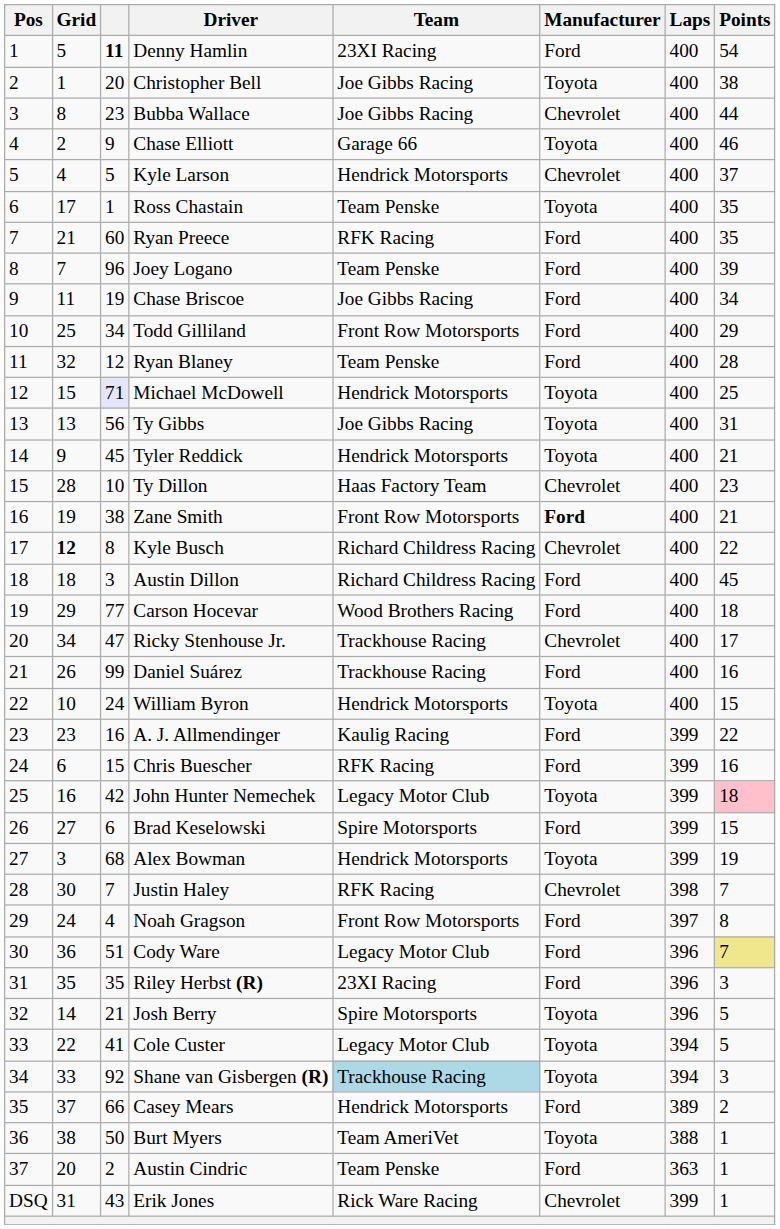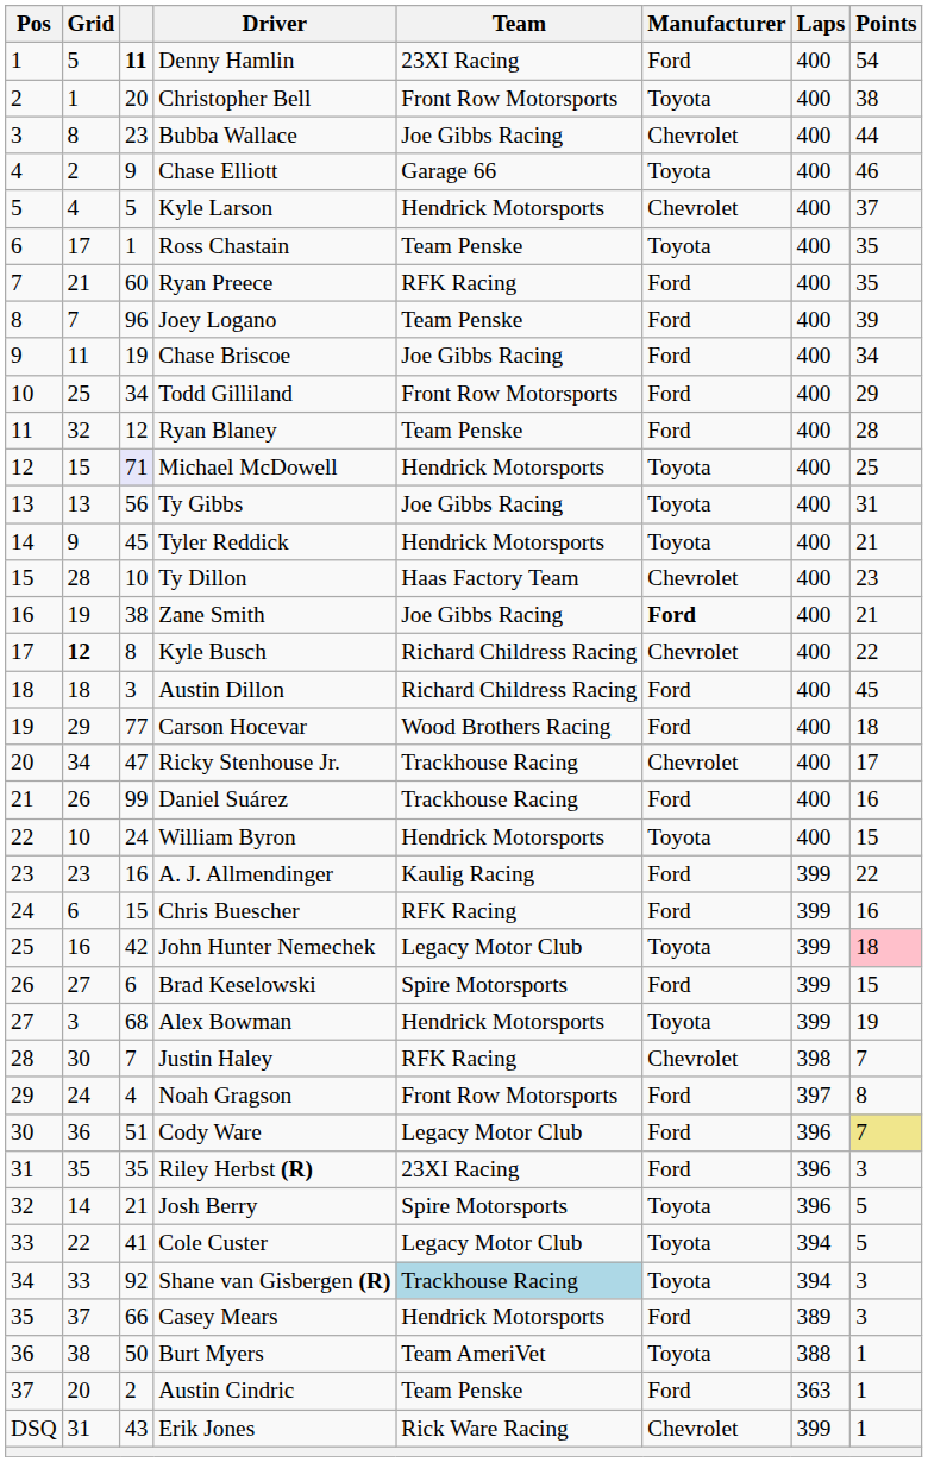 <table class="wikitable" style="font-size:98%">
 <tr>
 <th>Pos</th>
 <th>Grid</th>
 <th></th>
 <th>Driver</th>
 <th>Team</th>
 <th>Manufacturer</th>
 <th>Laps</th>
 <th>Points</th>
 </tr>
 <tr>
 <td>1</td>
 <td>5</td>
 <td><strong>11</strong></td>
 <td>Denny Hamlin</td>
 <td>23XI Racing</td>
 <td>Ford</td>
 <td>400</td>
 <td>54</td>
 </tr>
 <tr>
 <td>2</td>
 <td>1</td>
 <td>20</td>
 <td>Christopher Bell</td>
-<td>Joe Gibbs Racing</td>
+<td>Front Row Motorsports</td>
 <td>Toyota</td>
 <td>400</td>
 <td>38</td>
 </tr>
 <tr>
 <td>3</td>
 <td>8</td>
 <td>23</td>
 <td>Bubba Wallace</td>
 <td>Joe Gibbs Racing</td>
 <td>Chevrolet</td>
 <td>400</td>
 <td>44</td>
 </tr>
 <tr>
 <td>4</td>
 <td>2</td>
 <td>9</td>
 <td>Chase Elliott</td>
 <td>Garage 66</td>
 <td>Toyota</td>
 <td>400</td>
 <td>46</td>
 </tr>
 <tr>
 <td>5</td>
 <td>4</td>
 <td>5</td>
 <td>Kyle Larson</td>
 <td>Hendrick Motorsports</td>
 <td>Chevrolet</td>
 <td>400</td>
 <td>37</td>
 </tr>
 <tr>
 <td>6</td>
 <td>17</td>
 <td>1</td>
 <td>Ross Chastain</td>
 <td>Team Penske</td>
 <td>Toyota</td>
 <td>400</td>
 <td>35</td>
 </tr>
 <tr>
 <td>7</td>
 <td>21</td>
 <td>60</td>
 <td>Ryan Preece</td>
 <td>RFK Racing</td>
 <td>Ford</td>
 <td>400</td>
 <td>35</td>
 </tr>
 <tr>
 <td>8</td>
 <td>7</td>
 <td>96</td>
 <td>Joey Logano</td>
 <td>Team Penske</td>
 <td>Ford</td>
 <td>400</td>
 <td>39</td>
 </tr>
 <tr>
 <td>9</td>
 <td>11</td>
 <td>19</td>
 <td>Chase Briscoe</td>
 <td>Joe Gibbs Racing</td>
 <td>Ford</td>
 <td>400</td>
 <td>34</td>
 </tr>
 <tr>
 <td>10</td>
 <td>25</td>
 <td>34</td>
 <td>Todd Gilliland</td>
 <td>Front Row Motorsports</td>
 <td>Ford</td>
 <td>400</td>
 <td>29</td>
 </tr>
 <tr>
 <td>11</td>
 <td>32</td>
 <td>12</td>
 <td>Ryan Blaney</td>
 <td>Team Penske</td>
 <td>Ford</td>
 <td>400</td>
 <td>28</td>
 </tr>
 <tr>
 <td>12</td>
 <td>15</td>
 <td style="background: lavender;">71</td>
 <td>Michael McDowell</td>
 <td>Hendrick Motorsports</td>
 <td>Toyota</td>
 <td>400</td>
 <td>25</td>
 </tr>
 <tr>
 <td>13</td>
 <td>13</td>
 <td>56</td>
 <td>Ty Gibbs</td>
 <td>Joe Gibbs Racing</td>
 <td>Toyota</td>
 <td>400</td>
 <td>31</td>
 </tr>
 <tr>
 <td>14</td>
 <td>9</td>
 <td>45</td>
 <td>Tyler Reddick</td>
 <td>Hendrick Motorsports</td>
 <td>Toyota</td>
 <td>400</td>
 <td>21</td>
 </tr>
 <tr>
 <td>15</td>
 <td>28</td>
 <td>10</td>
 <td>Ty Dillon</td>
 <td>Haas Factory Team</td>
 <td>Chevrolet</td>
 <td>400</td>
 <td>23</td>
 </tr>
 <tr>
 <td>16</td>
 <td>19</td>
 <td>38</td>
 <td>Zane Smith</td>
-<td>Front Row Motorsports</td>
+<td>Joe Gibbs Racing</td>
 <td><strong>Ford</strong></td>
 <td>400</td>
 <td>21</td>
 </tr>
 <tr>
 <td>17</td>
 <td><strong>12</strong></td>
 <td>8</td>
 <td>Kyle Busch</td>
 <td>Richard Childress Racing</td>
 <td>Chevrolet</td>
 <td>400</td>
 <td>22</td>
 </tr>
 <tr>
 <td>18</td>
 <td>18</td>
 <td>3</td>
 <td>Austin Dillon</td>
 <td>Richard Childress Racing</td>
 <td>Ford</td>
 <td>400</td>
 <td>45</td>
 </tr>
 <tr>
 <td>19</td>
 <td>29</td>
 <td>77</td>
 <td>Carson Hocevar</td>
 <td>Wood Brothers Racing</td>
 <td>Ford</td>
 <td>400</td>
 <td>18</td>
 </tr>
 <tr>
 <td>20</td>
 <td>34</td>
 <td>47</td>
 <td>Ricky Stenhouse Jr.</td>
 <td>Trackhouse Racing</td>
 <td>Chevrolet</td>
 <td>400</td>
 <td>17</td>
 </tr>
 <tr>
 <td>21</td>
 <td>26</td>
 <td>99</td>
 <td>Daniel Suárez</td>
 <td>Trackhouse Racing</td>
 <td>Ford</td>
 <td>400</td>
 <td>16</td>
 </tr>
 <tr>
 <td>22</td>
 <td>10</td>
 <td>24</td>
 <td>William Byron</td>
 <td>Hendrick Motorsports</td>
 <td>Toyota</td>
 <td>400</td>
 <td>15</td>
 </tr>
 <tr>
 <td>23</td>
 <td>23</td>
 <td>16</td>
 <td>A. J. Allmendinger</td>
 <td>Kaulig Racing</td>
 <td>Ford</td>
 <td>399</td>
 <td>22</td>
 </tr>
 <tr>
 <td>24</td>
 <td>6</td>
 <td>15</td>
 <td>Chris Buescher</td>
 <td>RFK Racing</td>
 <td>Ford</td>
 <td>399</td>
 <td>16</td>
 </tr>
 <tr>
 <td>25</td>
 <td>16</td>
 <td>42</td>
 <td>John Hunter Nemechek</td>
 <td>Legacy Motor Club</td>
 <td>Toyota</td>
 <td>399</td>
 <td style="background: pink;">18</td>
 </tr>
 <tr>
 <td>26</td>
 <td>27</td>
 <td>6</td>
 <td>Brad Keselowski</td>
 <td>Spire Motorsports</td>
 <td>Ford</td>
 <td>399</td>
 <td>15</td>
 </tr>
 <tr>
 <td>27</td>
 <td>3</td>
 <td>68</td>
 <td>Alex Bowman</td>
 <td>Hendrick Motorsports</td>
 <td>Toyota</td>
 <td>399</td>
 <td>19</td>
 </tr>
 <tr>
 <td>28</td>
 <td>30</td>
 <td>7</td>
 <td>Justin Haley</td>
 <td>RFK Racing</td>
 <td>Chevrolet</td>
 <td>398</td>
 <td>7</td>
 </tr>
 <tr>
 <td>29</td>
 <td>24</td>
 <td>4</td>
 <td>Noah Gragson</td>
 <td>Front Row Motorsports</td>
 <td>Ford</td>
 <td>397</td>
 <td>8</td>
 </tr>
 <tr>
 <td>30</td>
 <td>36</td>
 <td>51</td>
 <td>Cody Ware</td>
 <td>Legacy Motor Club</td>
 <td>Ford</td>
 <td>396</td>
 <td style="background: khaki;">7</td>
 </tr>
 <tr>
 <td>31</td>
 <td>35</td>
 <td>35</td>
 <td>Riley Herbst <strong>(R)</strong></td>
 <td>23XI Racing</td>
 <td>Ford</td>
 <td>396</td>
 <td>3</td>
 </tr>
 <tr>
 <td>32</td>
 <td>14</td>
 <td>21</td>
 <td>Josh Berry</td>
 <td>Spire Motorsports</td>
 <td>Toyota</td>
 <td>396</td>
 <td>5</td>
 </tr>
 <tr>
 <td>33</td>
 <td>22</td>
 <td>41</td>
 <td>Cole Custer</td>
 <td>Legacy Motor Club</td>
 <td>Toyota</td>
 <td>394</td>
 <td>5</td>
 </tr>
 <tr>
 <td>34</td>
 <td>33</td>
 <td>92</td>
 <td>Shane van Gisbergen <strong>(R)</strong></td>
 <td style="background: lightblue;">Trackhouse Racing</td>
 <td>Toyota</td>
 <td>394</td>
 <td>3</td>
 </tr>
 <tr>
 <td>35</td>
 <td>37</td>
 <td>66</td>
 <td>Casey Mears</td>
 <td>Hendrick Motorsports</td>
 <td>Ford</td>
 <td>389</td>
-<td>2</td>
+<td>3</td>
 </tr>
 <tr>
 <td>36</td>
 <td>38</td>
 <td>50</td>
 <td>Burt Myers</td>
 <td>Team AmeriVet</td>
 <td>Toyota</td>
 <td>388</td>
 <td>1</td>
 </tr>
 <tr>
 <td>37</td>
 <td>20</td>
 <td>2</td>
 <td>Austin Cindric</td>
 <td>Team Penske</td>
 <td>Ford</td>
 <td>363</td>
 <td>1</td>
 </tr>
 <tr>
 <td>DSQ</td>
 <td>31</td>
 <td>43</td>
 <td>Erik Jones</td>
 <td>Rick Ware Racing</td>
 <td>Chevrolet</td>
 <td>399</td>
 <td>1</td>
 </tr>
 <tr>
 <th colspan="8"></th>
 </tr>
 </table>
